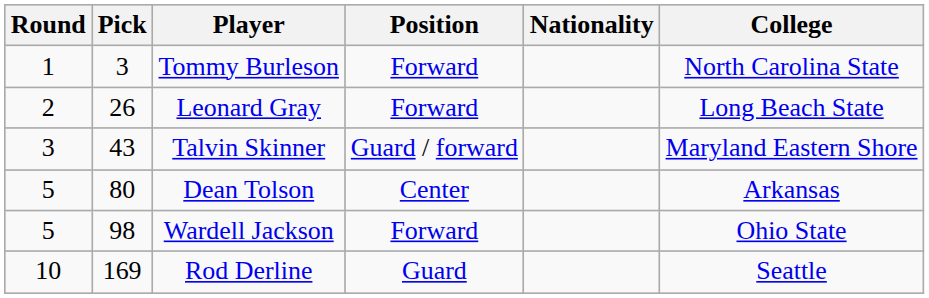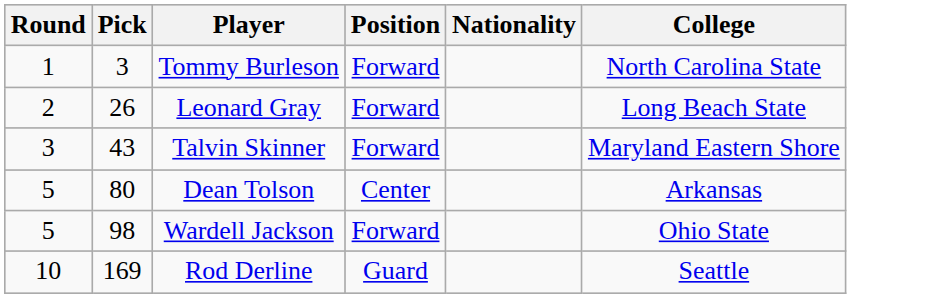 <table class="wikitable sortable sortable">
 <tr>
 <th>Round</th>
 <th>Pick</th>
 <th>Player</th>
 <th>Position</th>
 <th>Nationality</th>
 <th>College</th>
 </tr>
 <tr style="text-align: center">
 <td>1</td>
 <td>3</td>
 <td><a href='#'>Tommy Burleson</a></td>
 <td><a href='#'>Forward</a></td>
 <td></td>
 <td><a href='#'>North Carolina State</a></td>
 </tr>
 <tr style="text-align: center">
 <td>2</td>
 <td>26</td>
 <td><a href='#'>Leonard Gray</a></td>
 <td><a href='#'>Forward</a></td>
 <td></td>
 <td><a href='#'>Long Beach State</a></td>
 </tr>
 <tr style="text-align: center">
 <td>3</td>
 <td>43</td>
 <td><a href='#'>Talvin Skinner</a></td>
-<td><a href='#'>Guard</a> / <a href='#'>forward</a></td>
+<td><a href='#'>Forward</a></td>
 <td></td>
 <td><a href='#'>Maryland Eastern Shore</a></td>
 </tr>
 <tr style="text-align: center">
 <td>5</td>
 <td>80</td>
 <td><a href='#'>Dean Tolson</a></td>
 <td><a href='#'>Center</a></td>
 <td></td>
 <td><a href='#'>Arkansas</a></td>
 </tr>
 <tr style="text-align: center">
 <td>5</td>
 <td>98</td>
 <td><a href='#'>Wardell Jackson</a></td>
 <td><a href='#'>Forward</a></td>
 <td></td>
 <td><a href='#'>Ohio State</a></td>
 </tr>
 <tr style="text-align: center">
 <td>10</td>
 <td>169</td>
 <td><a href='#'>Rod Derline</a></td>
 <td><a href='#'>Guard</a></td>
 <td></td>
 <td><a href='#'>Seattle</a></td>
 </tr>
 </table>
